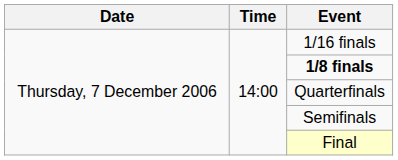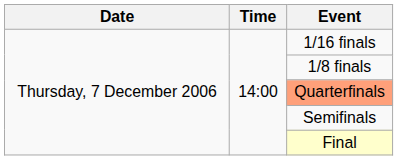 <table class = "wikitable" style="text-align:center;">
 <tr>
 <th width=220>Date</th>
 <th width=50>Time</th>
 <th width=100>Event</th>
 </tr>
 <tr>
 <td rowspan=5>Thursday, 7 December 2006</td>
 <td rowspan=5>14:00</td>
 <td>1/16 finals</td>
 </tr>
 <tr>
-<td><strong>1/8 finals</strong></td>
+<td>1/8 finals</td>
 </tr>
 <tr>
-<td>Quarterfinals</td>
+<td style="background: lightsalmon;">Quarterfinals</td>
 </tr>
 <tr>
 <td>Semifinals</td>
 </tr>
 <tr>
 <td bgcolor=ffffcc>Final</td>
 </tr>
 </table>
